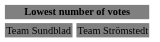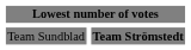 <table cellpadding=2 cellspacing=6>
 <tr bgcolor=#808080>
 <td colspan="2" align="center"><strong>Lowest number of votes</strong></td>
 </tr>
 <tr>
 <td bgcolor="#808080">Team Sundblad</td>
-<td bgcolor="#808080">Team Strömstedt</td>
+<td bgcolor="#808080"><strong>Team Strömstedt</strong></td>
 </tr>
 </table>
